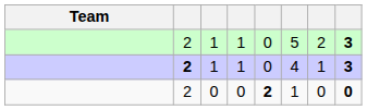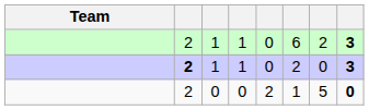 <table class="wikitable" style="text-align:center;">
 <tr>
 <th width=165>Team</th>
 <th width=20></th>
 <th width=20></th>
 <th width=20></th>
 <th width=20></th>
 <th width=20></th>
 <th width=20></th>
 <th width=20></th>
 </tr>
 <tr style="background:#cfc;">
 <td align="left"></td>
 <td>2</td>
 <td>1</td>
 <td>1</td>
 <td>0</td>
-<td>5</td>
+<td>6</td>
 <td>2</td>
 <td><strong>3</strong></td>
 </tr>
 <tr style="background:#ccccff;">
 <td align="left"></td>
 <td><strong>2</strong></td>
 <td>1</td>
 <td>1</td>
 <td>0</td>
-<td>4</td>
-<td>1</td>
+<td>2</td>
+<td>0</td>
 <td><strong>3</strong></td>
 </tr>
 <tr>
 <td align="left"></td>
 <td>2</td>
 <td>0</td>
 <td>0</td>
-<td><strong>2</strong></td>
+<td>2</td>
 <td>1</td>
-<td>0</td>
+<td>5</td>
 <td><strong>0</strong></td>
 </tr>
 </table>
